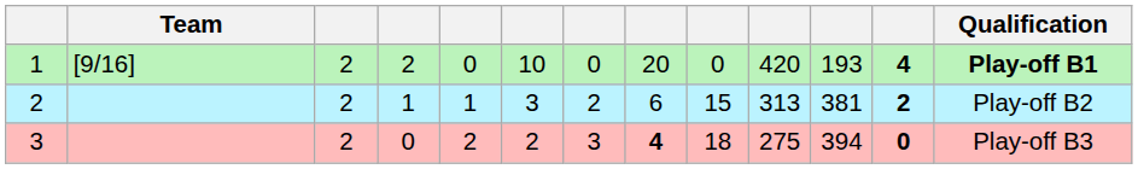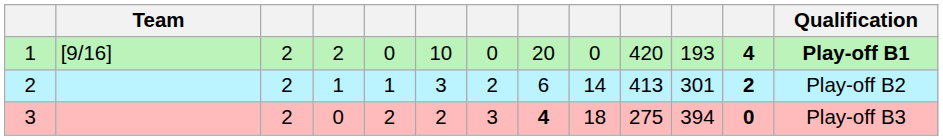 <table class=wikitable style="text-align:center" width=730>
 <tr>
 <th width=5.5%></th>
 <th width=22%>Team</th>
 <th width=5.5%></th>
 <th width=5.5%></th>
 <th width=5.5%></th>
 <th width=5.5%></th>
 <th width=5.5%></th>
 <th width=5.5%></th>
 <th width=5.5%></th>
 <th width=5.5%></th>
 <th width=5.5%></th>
 <th width=5.5%></th>
 <th width=18%>Qualification</th>
 </tr>
 <tr bgcolor=#bbf3bb>
 <td>1</td>
 <td style="text-align:left"> [9/16]</td>
 <td>2</td>
 <td>2</td>
 <td>0</td>
 <td>10</td>
 <td>0</td>
 <td>20</td>
 <td>0</td>
 <td>420</td>
 <td>193</td>
 <td><strong>4</strong></td>
 <td><strong>Play-off B1</strong></td>
 </tr>
 <tr bgcolor=#bbf3ff>
 <td>2</td>
 <td style="text-align:left"></td>
 <td>2</td>
 <td>1</td>
 <td>1</td>
 <td>3</td>
 <td>2</td>
 <td>6</td>
-<td>15</td>
-<td>313</td>
-<td>381</td>
+<td>14</td>
+<td>413</td>
+<td>301</td>
 <td><strong>2</strong></td>
 <td>Play-off B2</td>
 </tr>
 <tr bgcolor=#ffbbbb>
 <td>3</td>
 <td style="text-align:left"></td>
 <td>2</td>
 <td>0</td>
 <td>2</td>
 <td>2</td>
 <td>3</td>
 <td><strong>4</strong></td>
 <td>18</td>
 <td>275</td>
 <td>394</td>
 <td><strong>0</strong></td>
 <td>Play-off B3</td>
 </tr>
 </table>
